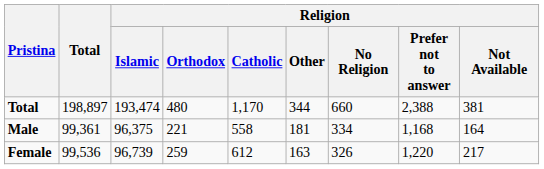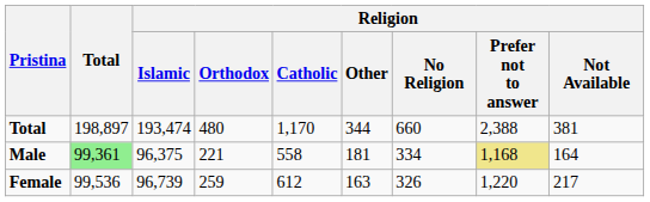 <table class="wikitable">
 <tr>
 <th scope="col" rowspan="2"><a href='#'>Pristina</a></th>
 <th scope="col" rowspan="2">Total</th>
 <th scope="col" colspan="11">Religion</th>
 </tr>
 <tr style="text-align:center; background:#f0f0f0;">
 <th scope="col"><a href='#'>Islamic</a></th>
 <th scope="col"><a href='#'>Orthodox</a></th>
 <th scope="col"><a href='#'>Catholic</a></th>
 <th scope="col">Other</th>
 <th scope="col">No Religion</th>
 <th scope="col">Prefer not<br>to answer</th>
 <th scope="col">Not Available</th>
 </tr>
 <tr>
 <td><strong>Total</strong></td>
 <td>198,897</td>
 <td>193,474</td>
 <td>480</td>
 <td>1,170</td>
 <td>344</td>
 <td>660</td>
 <td>2,388</td>
 <td>381</td>
 </tr>
 <tr>
 <td><strong>Male</strong></td>
-<td>99,361</td>
+<td style="background: lightgreen;">99,361</td>
 <td>96,375</td>
 <td>221</td>
 <td>558</td>
 <td>181</td>
 <td>334</td>
-<td>1,168</td>
+<td style="background: khaki;">1,168</td>
 <td>164</td>
 </tr>
 <tr>
 <td><strong>Female</strong></td>
 <td>99,536</td>
 <td>96,739</td>
 <td>259</td>
 <td>612</td>
 <td>163</td>
 <td>326</td>
 <td>1,220</td>
 <td>217</td>
 </tr>
 </table>
